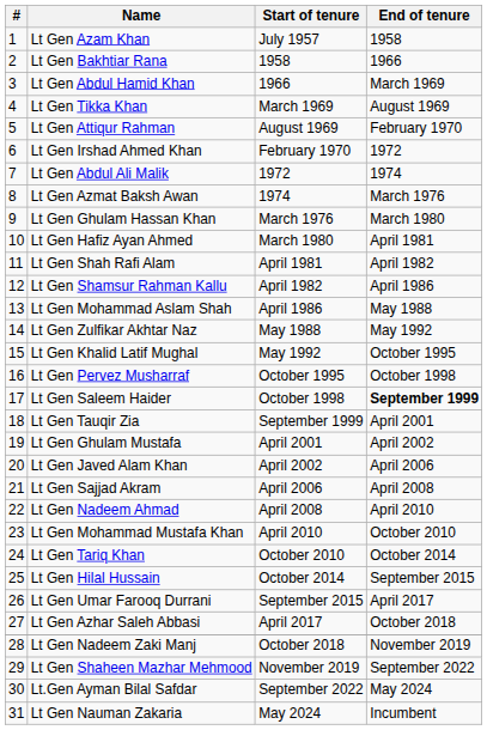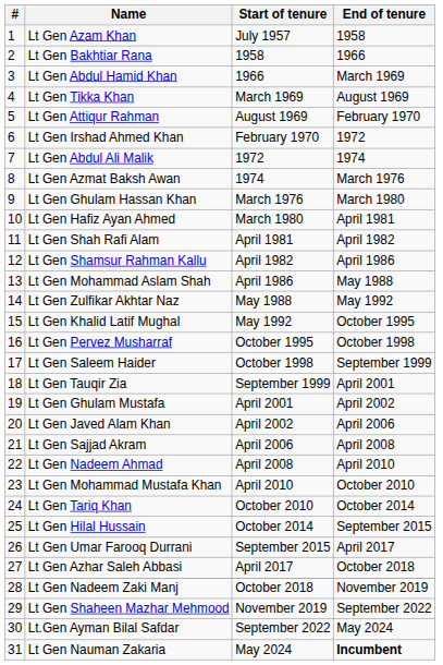 <table class="wikitable sortable">
 <tr>
 <th>#</th>
 <th>Name</th>
 <th>Start of tenure</th>
 <th>End of tenure</th>
 </tr>
 <tr>
 <td>1</td>
 <td>Lt Gen <a href='#'>Azam Khan</a></td>
 <td>July 1957</td>
 <td>1958</td>
 </tr>
 <tr>
 <td>2</td>
 <td>Lt Gen <a href='#'>Bakhtiar Rana</a></td>
 <td>1958</td>
 <td>1966</td>
 </tr>
 <tr>
 <td>3</td>
 <td>Lt Gen <a href='#'>Abdul Hamid Khan</a></td>
 <td>1966</td>
 <td>March 1969</td>
 </tr>
 <tr>
 <td>4</td>
 <td>Lt Gen <a href='#'>Tikka Khan</a></td>
 <td>March 1969</td>
 <td>August 1969</td>
 </tr>
 <tr>
 <td>5</td>
 <td>Lt Gen <a href='#'>Attiqur Rahman</a></td>
 <td>August 1969</td>
 <td>February 1970</td>
 </tr>
 <tr>
 <td>6</td>
 <td>Lt Gen Irshad Ahmed Khan</td>
 <td>February 1970</td>
 <td>1972</td>
 </tr>
 <tr>
 <td>7</td>
 <td>Lt Gen <a href='#'>Abdul Ali Malik</a></td>
 <td>1972</td>
 <td>1974</td>
 </tr>
 <tr>
 <td>8</td>
 <td>Lt Gen Azmat Baksh Awan</td>
 <td>1974</td>
 <td>March 1976</td>
 </tr>
 <tr>
 <td>9</td>
 <td>Lt Gen Ghulam Hassan Khan</td>
 <td>March 1976</td>
 <td>March 1980</td>
 </tr>
 <tr>
 <td>10</td>
 <td>Lt Gen Hafiz Ayan Ahmed</td>
 <td>March 1980</td>
 <td>April 1981</td>
 </tr>
 <tr>
 <td>11</td>
 <td>Lt Gen Shah Rafi Alam</td>
 <td>April 1981</td>
 <td>April 1982</td>
 </tr>
 <tr>
 <td>12</td>
 <td>Lt Gen <a href='#'>Shamsur Rahman Kallu</a></td>
 <td>April 1982</td>
 <td>April 1986</td>
 </tr>
 <tr>
 <td>13</td>
 <td>Lt Gen Mohammad Aslam Shah</td>
 <td>April 1986</td>
 <td>May 1988</td>
 </tr>
 <tr>
 <td>14</td>
 <td>Lt Gen Zulfikar Akhtar Naz</td>
 <td>May 1988</td>
 <td>May 1992</td>
 </tr>
 <tr>
 <td>15</td>
 <td>Lt Gen Khalid Latif Mughal</td>
 <td>May 1992</td>
 <td>October 1995</td>
 </tr>
 <tr>
 <td>16</td>
 <td>Lt Gen <a href='#'>Pervez Musharraf</a></td>
 <td>October 1995</td>
 <td>October 1998</td>
 </tr>
 <tr>
 <td>17</td>
 <td>Lt Gen Saleem Haider</td>
 <td>October 1998</td>
-<td><strong>September 1999</strong></td>
+<td>September 1999</td>
 </tr>
 <tr>
 <td>18</td>
 <td>Lt Gen Tauqir Zia</td>
 <td>September 1999</td>
 <td>April 2001</td>
 </tr>
 <tr>
 <td>19</td>
 <td>Lt Gen Ghulam Mustafa</td>
 <td>April 2001</td>
 <td>April 2002</td>
 </tr>
 <tr>
 <td>20</td>
 <td>Lt Gen Javed Alam Khan</td>
 <td>April 2002</td>
 <td>April 2006</td>
 </tr>
 <tr>
 <td>21</td>
 <td>Lt Gen Sajjad Akram</td>
 <td>April 2006</td>
 <td>April 2008</td>
 </tr>
 <tr>
 <td>22</td>
 <td>Lt Gen <a href='#'>Nadeem Ahmad</a></td>
 <td>April 2008</td>
 <td>April 2010</td>
 </tr>
 <tr>
 <td>23</td>
 <td>Lt Gen Mohammad Mustafa Khan</td>
 <td>April 2010</td>
 <td>October 2010</td>
 </tr>
 <tr>
 <td>24</td>
 <td>Lt Gen <a href='#'>Tariq Khan</a></td>
 <td>October 2010</td>
 <td>October 2014</td>
 </tr>
 <tr>
 <td>25</td>
 <td>Lt Gen <a href='#'>Hilal Hussain</a></td>
 <td>October 2014</td>
 <td>September 2015</td>
 </tr>
 <tr>
 <td>26</td>
 <td>Lt Gen Umar Farooq Durrani</td>
 <td>September 2015</td>
 <td>April 2017</td>
 </tr>
 <tr>
 <td>27</td>
 <td>Lt Gen Azhar Saleh Abbasi</td>
 <td>April 2017</td>
 <td>October 2018</td>
 </tr>
 <tr>
 </tr>
 <tr>
 <td>28</td>
 <td>Lt Gen Nadeem Zaki Manj</td>
 <td>October 2018</td>
 <td>November 2019</td>
 </tr>
 <tr>
 <td>29</td>
 <td>Lt Gen <a href='#'>Shaheen Mazhar Mehmood</a></td>
 <td>November 2019</td>
 <td>September 2022</td>
 </tr>
 <tr>
 <td>30</td>
 <td>Lt.Gen Ayman Bilal Safdar</td>
 <td>September 2022</td>
 <td>May 2024</td>
 </tr>
 <tr>
 <td>31</td>
 <td>Lt Gen Nauman Zakaria</td>
 <td>May 2024</td>
-<td>Incumbent</td>
+<td><strong>Incumbent</strong></td>
 </tr>
 </table>
